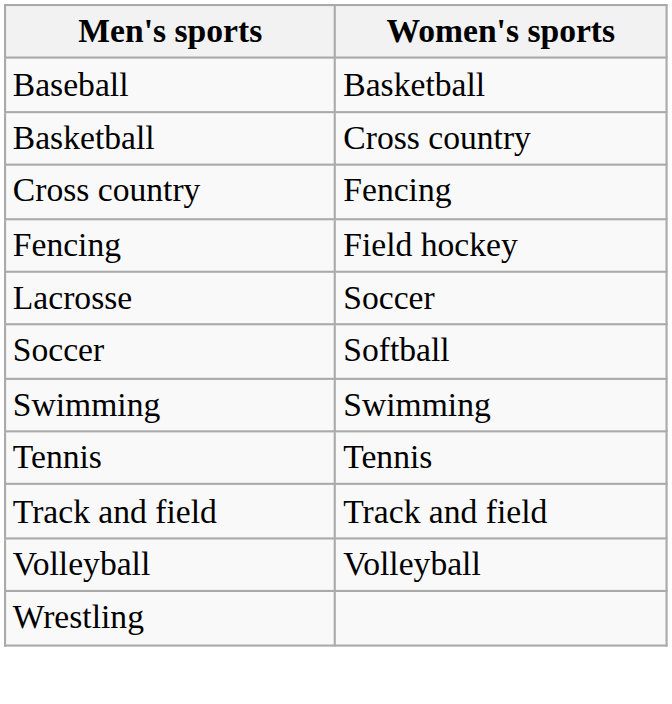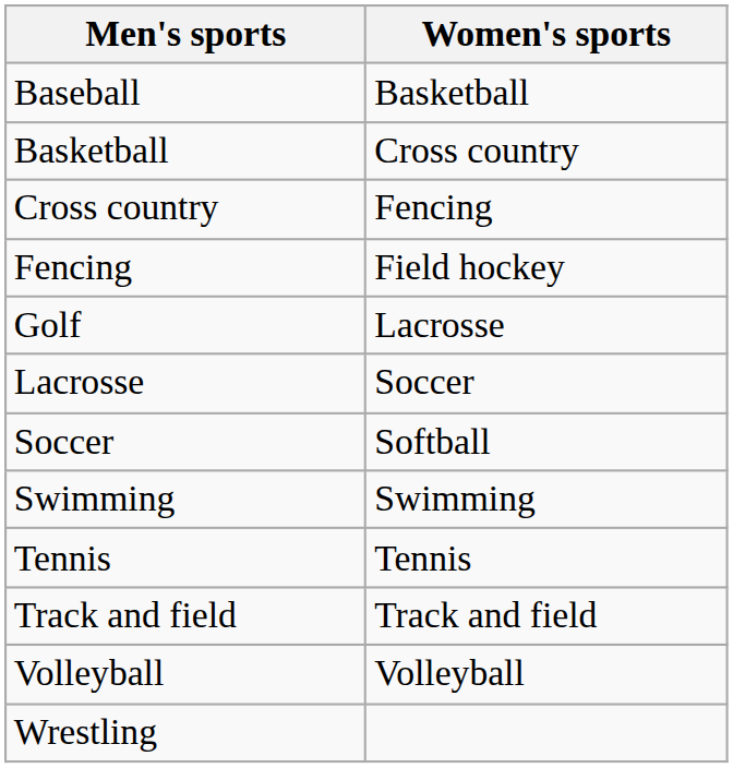 <table class="wikitable"; style= "text-align: ">
 <tr>
 <th width=150px>Men's sports</th>
 <th width=150px>Women's sports</th>
 </tr>
 <tr>
 <td>Baseball</td>
 <td>Basketball</td>
 </tr>
 <tr>
 <td>Basketball</td>
 <td>Cross country</td>
 </tr>
 <tr>
 <td>Cross country</td>
 <td>Fencing</td>
 </tr>
 <tr>
 <td>Fencing</td>
 <td>Field hockey</td>
+</tr>
+<tr>
+<td>Golf</td>
+<td>Lacrosse</td>
 </tr>
 <tr>
 <td>Lacrosse</td>
 <td>Soccer</td>
 </tr>
 <tr>
 <td>Soccer</td>
 <td>Softball</td>
 </tr>
 <tr>
 <td>Swimming</td>
 <td>Swimming</td>
 </tr>
 <tr>
 <td>Tennis</td>
 <td>Tennis</td>
 </tr>
 <tr>
 <td>Track and field</td>
 <td>Track and field</td>
 </tr>
 <tr>
 <td>Volleyball</td>
 <td>Volleyball</td>
 </tr>
 <tr>
 <td>Wrestling</td>
 <td></td>
 </tr>
 </table>
